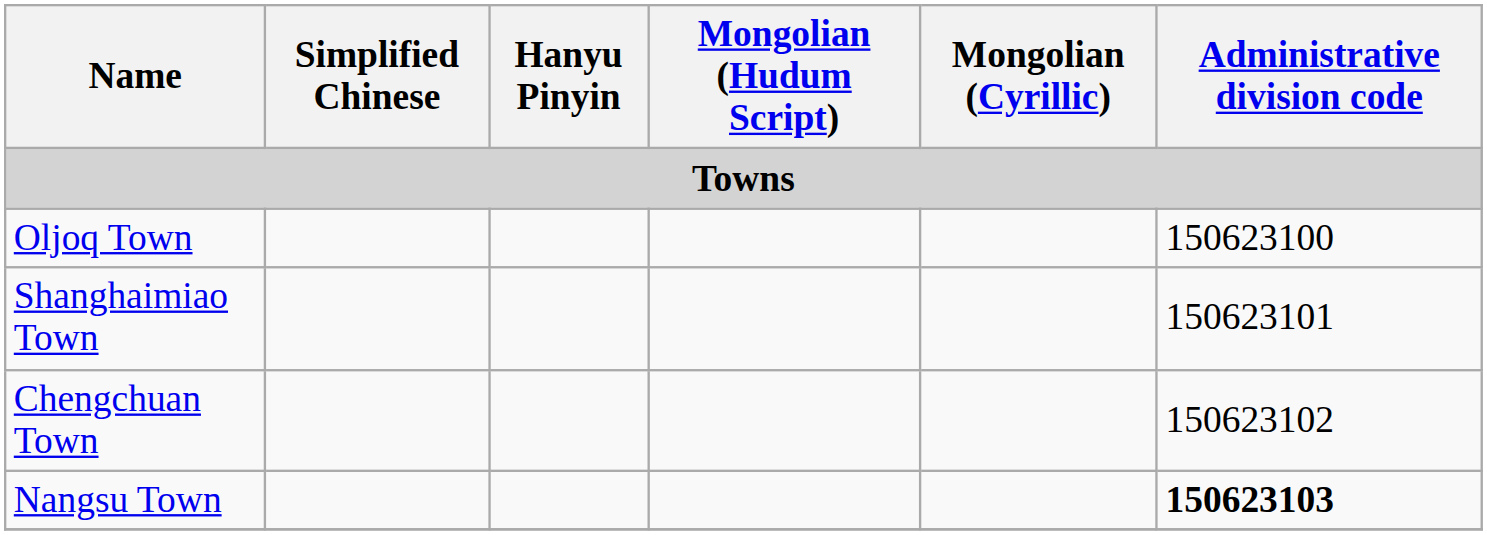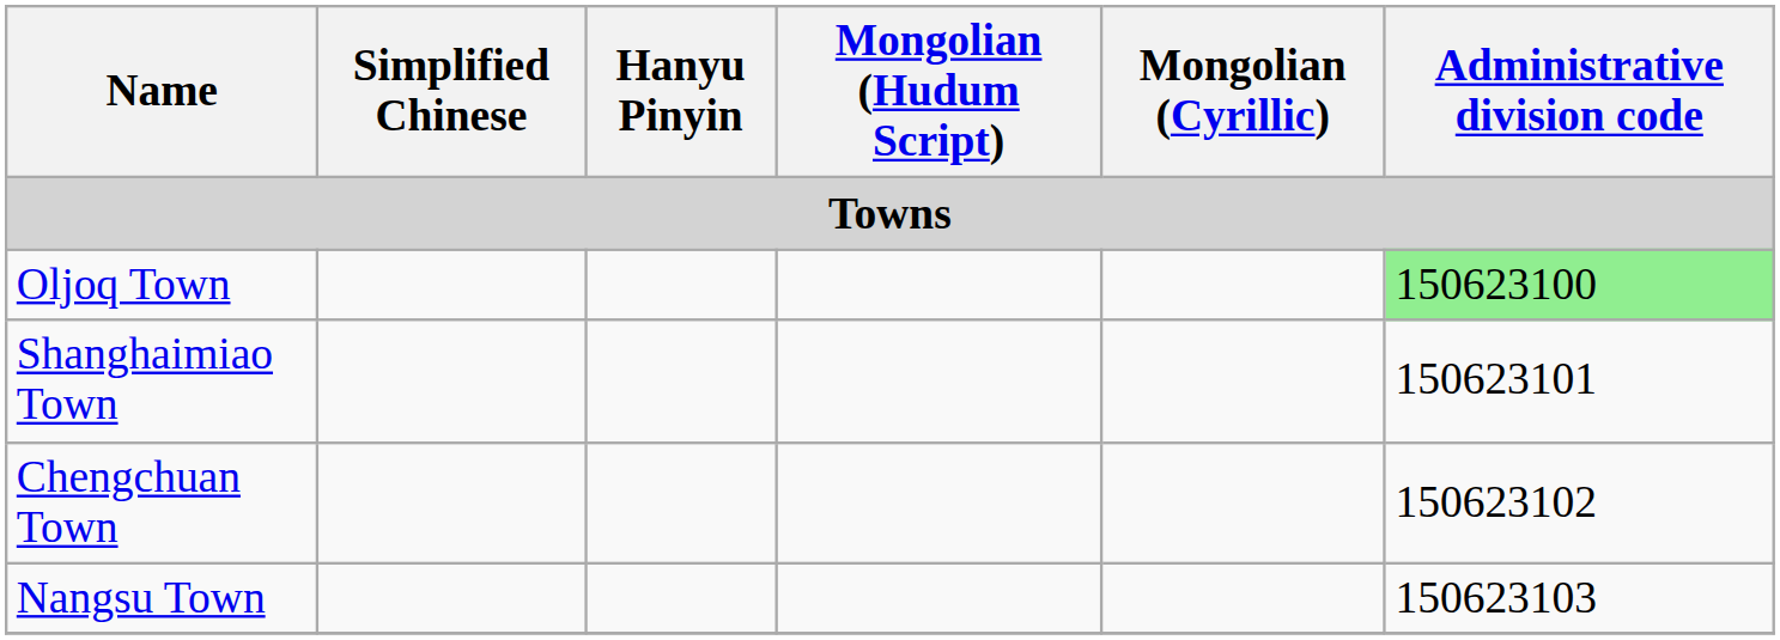 <table class="wikitable" align="center" style="width:50%; border="1">
 <tr>
 <th>Name</th>
 <th>Simplified Chinese</th>
 <th>Hanyu Pinyin</th>
 <th><a href='#'>Mongolian</a> (<a href='#'>Hudum Script</a>)</th>
 <th>Mongolian (<a href='#'>Cyrillic</a>)</th>
 <th><a href='#'>Administrative division code</a></th>
 </tr>
 <tr>
 <td colspan="6"  style="text-align:center; background:#d3d3d3;"><strong>Towns</strong></td>
 </tr>
 <tr --------->
 <td><a href='#'>Oljoq Town</a></td>
 <td></td>
 <td></td>
 <td></td>
 <td></td>
-<td>150623100</td>
+<td style="background: lightgreen;">150623100</td>
 </tr>
 <tr>
 <td><a href='#'>Shanghaimiao Town</a></td>
 <td></td>
 <td></td>
 <td></td>
 <td></td>
 <td>150623101</td>
 </tr>
 <tr>
 <td><a href='#'>Chengchuan Town</a></td>
 <td></td>
 <td></td>
 <td></td>
 <td></td>
 <td>150623102</td>
 </tr>
 <tr>
 <td><a href='#'>Nangsu Town</a></td>
 <td></td>
 <td></td>
 <td></td>
 <td></td>
-<td><strong>150623103</strong></td>
+<td>150623103</td>
 </tr>
 <tr>
 </tr>
 </table>
